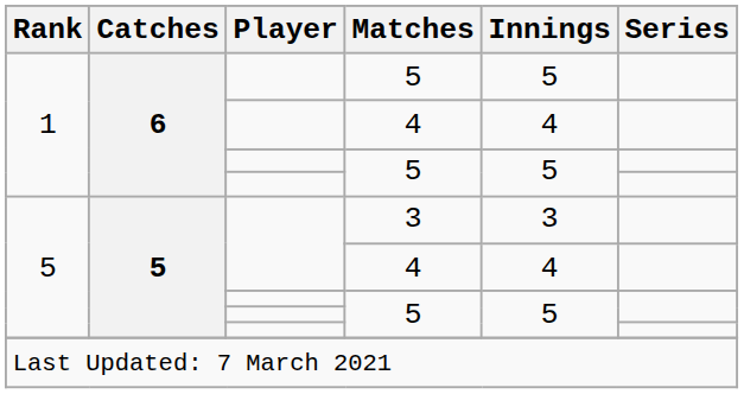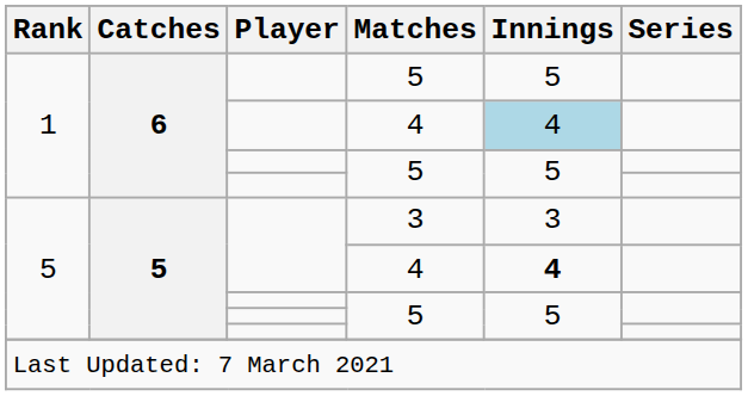 <table class="wikitable plainrowheaders sortable">
 <tr>
 <th scope=col>Rank</th>
 <th scope=col>Catches</th>
 <th scope=col>Player</th>
 <th scope=col>Matches</th>
 <th scope=col>Innings</th>
 <th scope=col>Series</th>
 </tr>
 <tr>
 <td align=center rowspan=4>1</td>
 <th scope=row style=text-align:center; rowspan=4>6</th>
 <td></td>
 <td align=center>5</td>
 <td align=center>5</td>
 <td></td>
 </tr>
 <tr>
 <td></td>
 <td align=center>4</td>
-<td align=center>4</td>
+<td align=center style="background: lightblue;">4</td>
 <td></td>
 </tr>
 <tr>
 <td></td>
 <td align=center rowspan=2>5</td>
 <td align=center rowspan=2>5</td>
 <td></td>
 </tr>
 <tr>
 <td></td>
 <td></td>
 </tr>
 <tr>
 <td align=center rowspan=5>5</td>
 <th scope=row style=text-align:center; rowspan=5>5</th>
 <td rowspan=2></td>
 <td align=center>3</td>
 <td align=center>3</td>
 <td></td>
 </tr>
 <tr>
 <td align=center>4</td>
-<td align=center>4</td>
+<td align=center><strong>4</strong></td>
 <td></td>
 </tr>
 <tr>
 <td></td>
 <td align=center rowspan=3>5</td>
 <td align=center rowspan=3>5</td>
 <td rowspan=2></td>
 </tr>
 <tr>
 <td></td>
 </tr>
 <tr>
 <td></td>
 <td></td>
 </tr>
 <tr>
 </tr>
 <tr class=sortbottom>
 <td colspan=6><small>Last Updated: 7 March 2021</small></td>
 </tr>
 </table>
